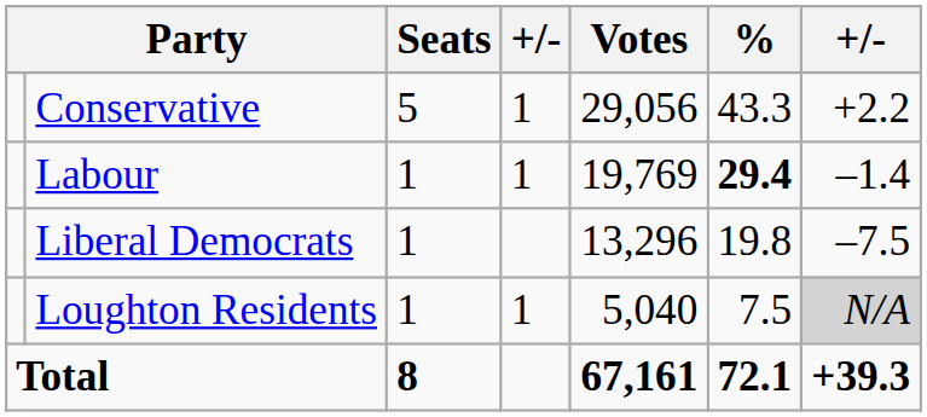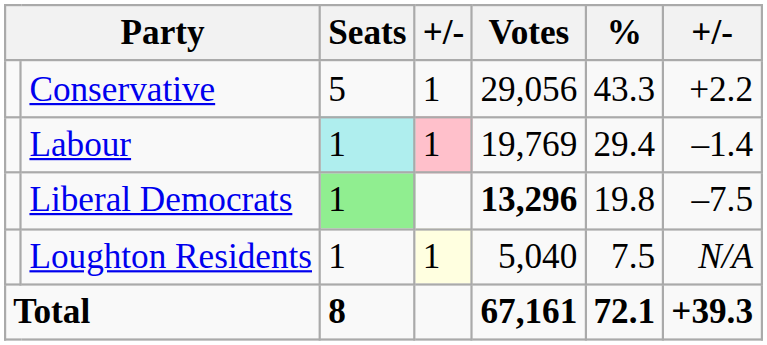 <table class="wikitable sortable">
 <tr>
 <th colspan="2">Party</th>
 <th>Seats</th>
 <th>+/-</th>
 <th>Votes</th>
 <th>%</th>
 <th>+/-</th>
 </tr>
 <tr>
 <td style="background-color: "></td>
 <td><a href='#'>Conservative</a></td>
 <td>5</td>
 <td> 1</td>
 <td style="text-align:right;">29,056</td>
 <td style="text-align:right;">43.3</td>
 <td style="text-align:right;">+2.2</td>
 </tr>
 <tr>
 <td style="background-color: "></td>
 <td><a href='#'>Labour</a></td>
-<td>1</td>
-<td> 1</td>
+<td style="background: paleturquoise;">1</td>
+<td style="background: pink;"> 1</td>
 <td style="text-align:right;">19,769</td>
-<td style="text-align:right;"><strong>29.4</strong></td>
+<td style="text-align:right;">29.4</td>
 <td style="text-align:right;">–1.4</td>
 </tr>
 <tr>
 <td style="background-color: "></td>
 <td><a href='#'>Liberal Democrats</a></td>
-<td>1</td>
+<td style="background: lightgreen;">1</td>
 <td></td>
-<td style="text-align:right;">13,296</td>
+<td style="text-align:right;"><strong>13,296</strong></td>
 <td style="text-align:right;">19.8</td>
 <td style="text-align:right;">–7.5</td>
 </tr>
 <tr>
 <td style="background-color: "></td>
 <td><a href='#'>Loughton Residents</a></td>
 <td>1</td>
-<td> 1</td>
+<td style="background: lightyellow;"> 1</td>
 <td style="text-align:right;">5,040</td>
 <td style="text-align:right;">7.5</td>
-<td style="background: lightgrey; text-align:right;"><em>N/A</em></td>
+<td style="text-align:right;"><em>N/A</em></td>
 </tr>
 <tr>
 <td colspan="2"><strong>Total</strong></td>
 <td><strong>8</strong></td>
 <td></td>
 <td style="text-align:right;"><strong>67,161</strong></td>
 <td style="text-align:right;"><strong>72.1</strong></td>
 <td style="text-align:right;"><strong>+39.3</strong></td>
 </tr>
 </table>
